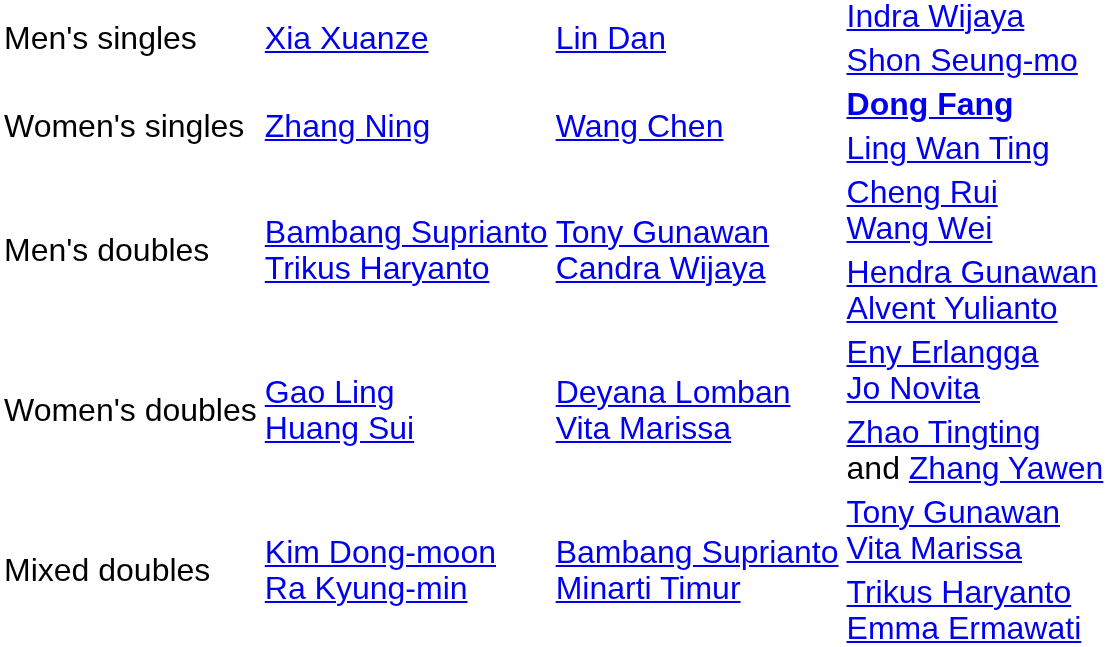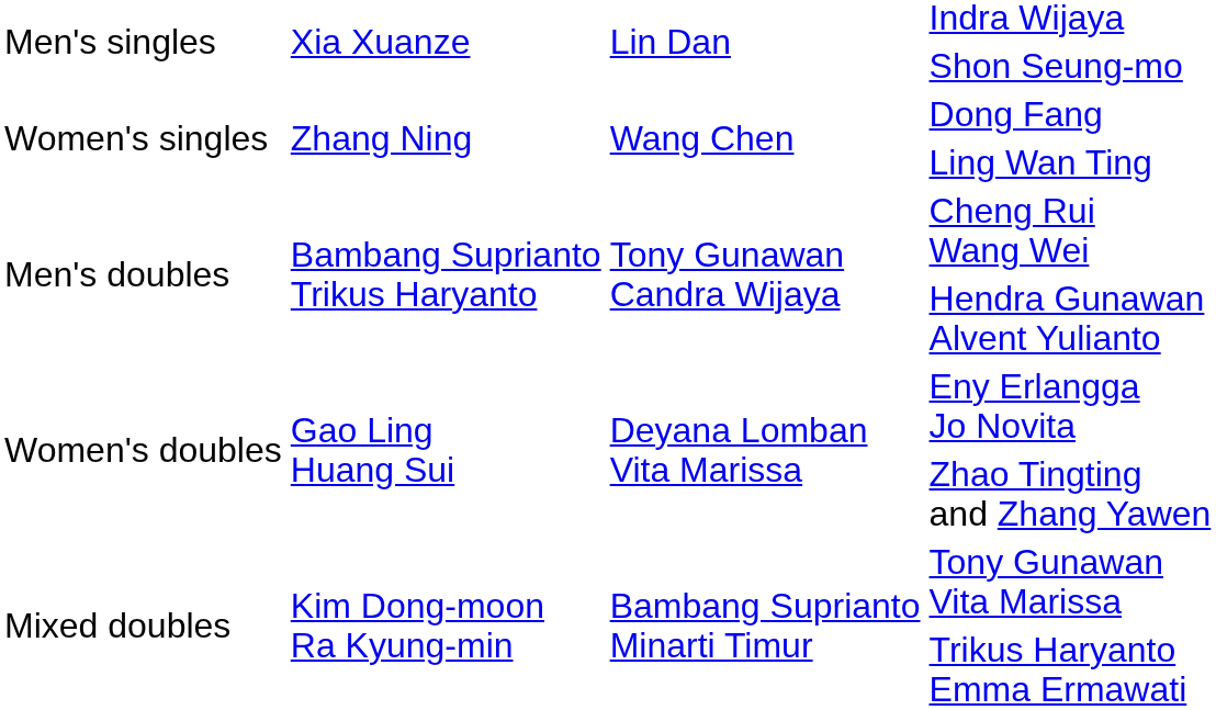 <table>
 <tr>
 <td rowspan=2>Men's singles</td>
 <td rowspan=2> <a href='#'>Xia Xuanze</a></td>
 <td rowspan=2> <a href='#'>Lin Dan</a></td>
 <td> <a href='#'>Indra Wijaya</a></td>
 </tr>
 <tr>
 <td> <a href='#'>Shon Seung-mo</a></td>
 </tr>
 <tr>
 <td rowspan=2>Women's singles</td>
 <td rowspan=2> <a href='#'>Zhang Ning</a></td>
 <td rowspan=2> <a href='#'>Wang Chen</a></td>
-<td><strong> <a href='#'>Dong Fang</a></strong></td>
+<td> <a href='#'>Dong Fang</a></td>
 </tr>
 <tr>
 <td> <a href='#'>Ling Wan Ting</a></td>
 </tr>
 <tr>
 <td rowspan=2>Men's doubles</td>
 <td rowspan=2> <a href='#'>Bambang Suprianto</a><br><a href='#'>Trikus Haryanto</a></td>
 <td rowspan=2> <a href='#'>Tony Gunawan</a><br><a href='#'>Candra Wijaya</a></td>
 <td> <a href='#'>Cheng Rui</a><br><a href='#'>Wang Wei</a></td>
 </tr>
 <tr>
 <td> <a href='#'>Hendra Gunawan</a><br><a href='#'>Alvent Yulianto</a></td>
 </tr>
 <tr>
 <td rowspan=2>Women's doubles</td>
 <td rowspan=2> <a href='#'>Gao Ling</a><br><a href='#'>Huang Sui</a></td>
 <td rowspan=2> <a href='#'>Deyana Lomban</a><br><a href='#'>Vita Marissa</a></td>
 <td> <a href='#'>Eny Erlangga</a><br><a href='#'>Jo Novita</a></td>
 </tr>
 <tr>
 <td> <a href='#'>Zhao Tingting</a><br>and <a href='#'>Zhang Yawen</a></td>
 </tr>
 <tr>
 <td rowspan=2>Mixed doubles</td>
 <td rowspan=2> <a href='#'>Kim Dong-moon</a><br><a href='#'>Ra Kyung-min</a></td>
 <td rowspan=2> <a href='#'>Bambang Suprianto</a><br><a href='#'>Minarti Timur</a></td>
 <td> <a href='#'>Tony Gunawan</a><br><a href='#'>Vita Marissa</a></td>
 </tr>
 <tr>
 <td> <a href='#'>Trikus Haryanto</a><br><a href='#'>Emma Ermawati</a></td>
 </tr>
 </table>
